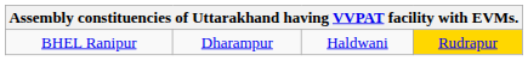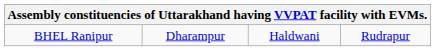 <table class="wikitable" | align="center">
 <tr>
 <th colspan="4">Assembly constituencies of Uttarakhand having <a href='#'>VVPAT</a> facility with EVMs.</th>
 </tr>
 <tr style="text-align:center">
 <td><a href='#'>BHEL Ranipur</a></td>
 <td><a href='#'>Dharampur</a></td>
 <td><a href='#'>Haldwani</a></td>
-<td style="background: gold;"><a href='#'>Rudrapur</a></td>
+<td><a href='#'>Rudrapur</a></td>
 </tr>
 </table>
